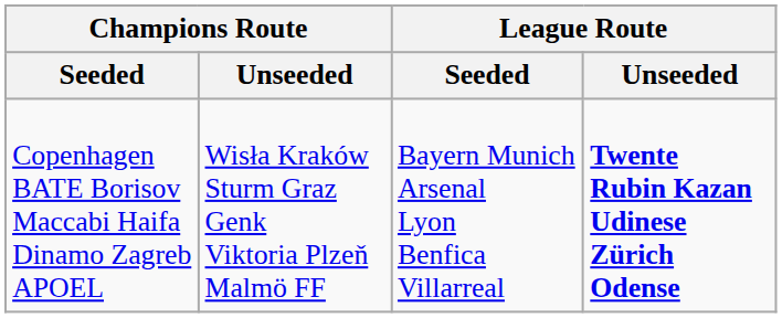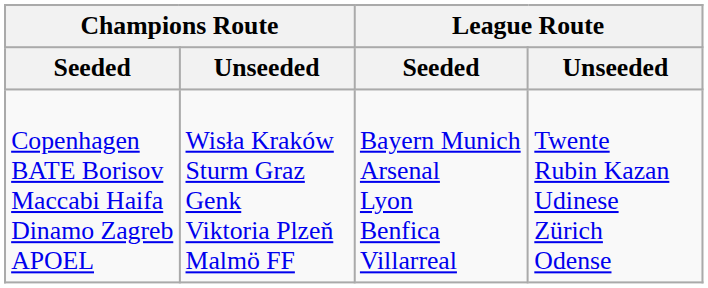 <table class="wikitable" style="font-size:80%">
 <tr>
 <th colspan=2>Champions Route</th>
 <th colspan=2>League Route</th>
 </tr>
 <tr>
 <th width=25%>Seeded</th>
 <th width=25%>Unseeded</th>
 <th width=25%>Seeded</th>
 <th width=25%>Unseeded</th>
 </tr>
 <tr>
 <td valign=top><br> <a href='#'>Copenhagen</a><br>  <a href='#'>BATE Borisov</a><br>  <a href='#'>Maccabi Haifa</a><br>  <a href='#'>Dinamo Zagreb</a><br>  <a href='#'>APOEL</a><br></td>
 <td valign=top><br> <a href='#'>Wisła Kraków</a><br>  <a href='#'>Sturm Graz</a><br>  <a href='#'>Genk</a><br>  <a href='#'>Viktoria Plzeň</a><br>  <a href='#'>Malmö FF</a></td>
 <td valign=top><br> <a href='#'>Bayern Munich</a><br>  <a href='#'>Arsenal</a><br>  <a href='#'>Lyon</a><br>  <a href='#'>Benfica</a><br>  <a href='#'>Villarreal</a></td>
-<td valign=top><strong><br> <a href='#'>Twente</a><br>  <a href='#'>Rubin Kazan</a><br>  <a href='#'>Udinese</a><br>  <a href='#'>Zürich</a><br>  <a href='#'>Odense</a></strong></td>
+<td valign=top><br> <a href='#'>Twente</a><br>  <a href='#'>Rubin Kazan</a><br>  <a href='#'>Udinese</a><br>  <a href='#'>Zürich</a><br>  <a href='#'>Odense</a></td>
 </tr>
 </table>
